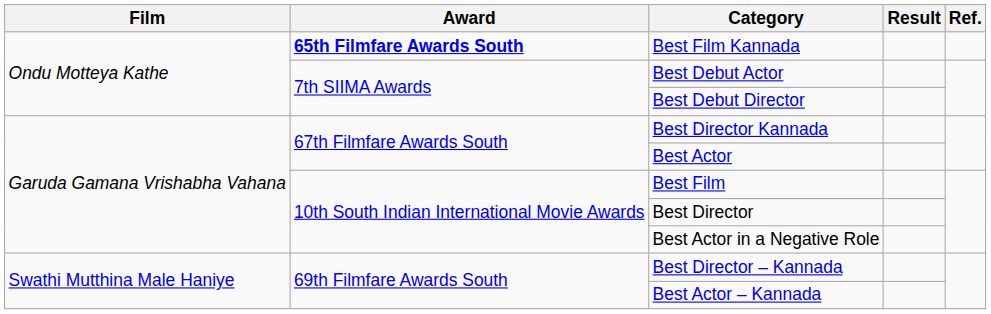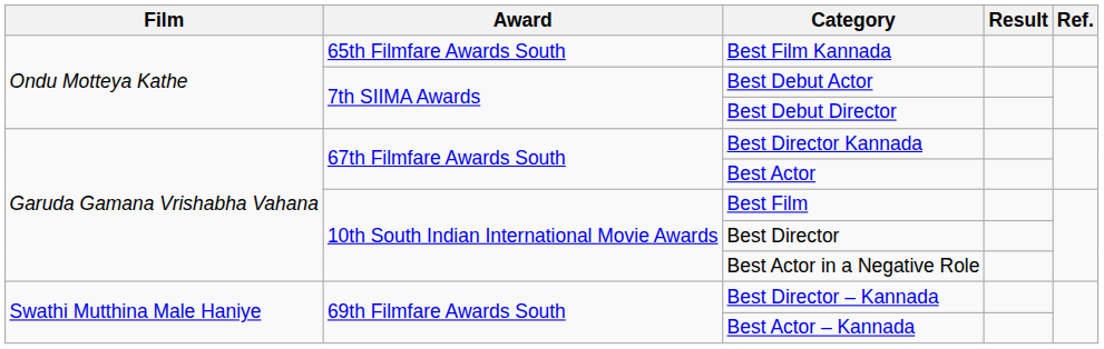 <table class="wikitable">
 <tr>
 <th>Film</th>
 <th>Award</th>
 <th>Category</th>
 <th>Result</th>
 <th>Ref.</th>
 </tr>
 <tr>
 <td rowspan=3><em>Ondu Motteya Kathe</em></td>
-<td><strong><a href='#'>65th Filmfare Awards South</a></strong></td>
+<td><a href='#'>65th Filmfare Awards South</a></td>
 <td><a href='#'>Best Film Kannada</a></td>
 <td></td>
 <td></td>
 </tr>
 <tr>
 <td rowspan=2><a href='#'>7th SIIMA Awards</a></td>
 <td><a href='#'>Best Debut Actor</a></td>
 <td></td>
 <td rowspan=2></td>
 </tr>
 <tr>
 <td><a href='#'>Best Debut Director</a></td>
 <td></td>
 </tr>
 <tr>
 <td rowspan="5"><em>Garuda Gamana Vrishabha Vahana</em></td>
 <td rowspan=2><a href='#'>67th Filmfare Awards South</a></td>
 <td><a href='#'>Best Director Kannada</a></td>
 <td></td>
 <td rowspan=2></td>
 </tr>
 <tr>
 <td><a href='#'>Best Actor</a></td>
 <td></td>
 </tr>
 <tr>
 <td rowspan=3><a href='#'>10th South Indian International Movie Awards</a></td>
 <td><a href='#'>Best Film</a></td>
 <td></td>
 <td Rowspan="3"></td>
 </tr>
 <tr>
 <td>Best Director</td>
 <td></td>
 </tr>
 <tr>
 <td>Best Actor in a Negative Role</td>
 <td></td>
 </tr>
 <tr>
 <td rowspan=2><a href='#'>Swathi Mutthina Male Haniye</a></td>
 <td rowspan=2><a href='#'>69th Filmfare Awards South</a></td>
 <td><a href='#'>Best Director – Kannada</a></td>
 <td></td>
 <td rowspan=2></td>
 </tr>
 <tr>
 <td><a href='#'>Best Actor – Kannada</a></td>
 <td></td>
 </tr>
 </table>
